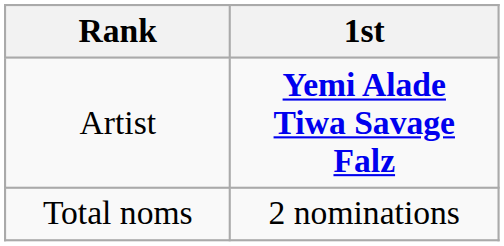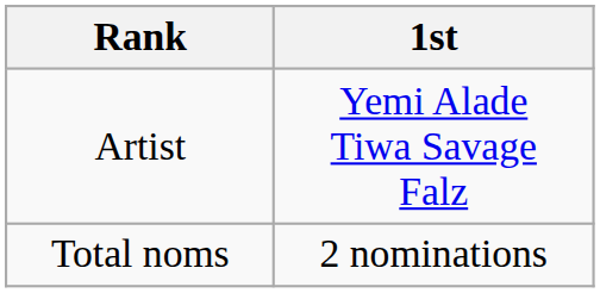 <table class="wikitable">
 <tr>
 <th style="width:100px;">Rank</th>
 <th style="width:120px;">1st</th>
 </tr>
 <tr align=center>
 <td>Artist</td>
-<td><strong><a href='#'>Yemi Alade</a><br><a href='#'>Tiwa Savage</a><br><a href='#'>Falz</a></strong></td>
+<td><a href='#'>Yemi Alade</a><br><a href='#'>Tiwa Savage</a><br><a href='#'>Falz</a></td>
 </tr>
 <tr align=center>
 <td>Total noms</td>
 <td>2 nominations</td>
 </tr>
 </table>
